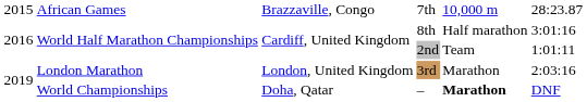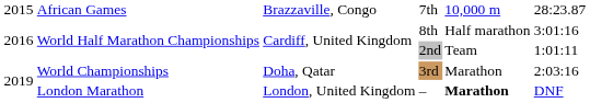 <table>
 <tr>
 <td>2015</td>
 <td><a href='#'>African Games</a></td>
 <td><a href='#'>Brazzaville</a>, Congo</td>
 <td>7th</td>
 <td><a href='#'>10,000 m</a></td>
 <td>28:23.87</td>
 </tr>
 <tr>
 <td rowspan=2>2016</td>
 <td rowspan=2><a href='#'>World Half Marathon Championships</a></td>
 <td rowspan=2><a href='#'>Cardiff</a>, United Kingdom</td>
 <td>8th</td>
 <td>Half marathon</td>
 <td>3:01:16</td>
 </tr>
 <tr>
 <td bgcolor=silver>2nd</td>
 <td>Team</td>
 <td>1:01:11</td>
 </tr>
 <tr>
 <td rowspan=2>2019</td>
-<td><a href='#'>London Marathon</a></td>
-<td><a href='#'>London</a>, United Kingdom</td>
+<td><a href='#'>World Championships</a></td>
+<td><a href='#'>Doha</a>, Qatar</td>
 <td bgcolor="cc996">3rd</td>
 <td>Marathon</td>
 <td>2:03:16</td>
 </tr>
 <tr>
-<td><a href='#'>World Championships</a></td>
-<td><a href='#'>Doha</a>, Qatar</td>
+<td><a href='#'>London Marathon</a></td>
+<td><a href='#'>London</a>, United Kingdom</td>
 <td>–</td>
 <td><strong>Marathon</strong></td>
 <td><a href='#'>DNF</a></td>
 </tr>
 </table>
